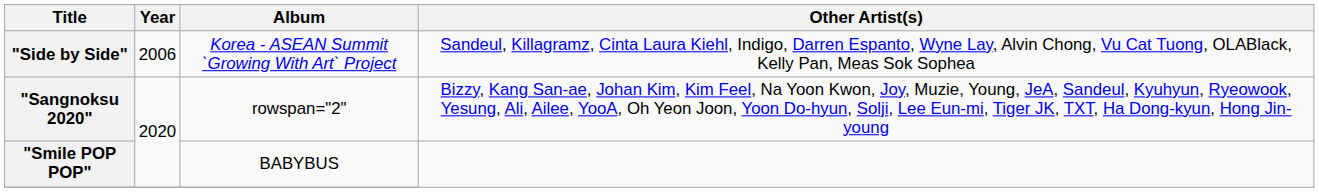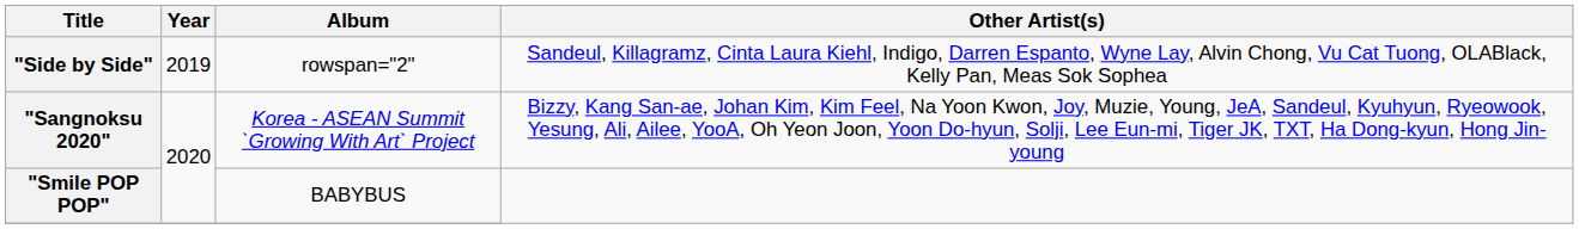 <table class="wikitable plainrowheaders" style="text-align:center;">
 <tr>
 <th scope="col">Title</th>
 <th scope="col">Year</th>
 <th scope="col">Album</th>
 <th scope="col">Other Artist(s)</th>
 </tr>
 <tr>
 <th scope="row">"Side by Side"</th>
-<td>2006</td>
-<td><em><a href='#'>Korea - ASEAN Summit `Growing With Art` Project</a></em></td>
+<td>2019</td>
+<td>rowspan="2" </td>
 <td><a href='#'>Sandeul</a>, <a href='#'>Killagramz</a>, <a href='#'>Cinta Laura Kiehl</a>, Indigo, <a href='#'>Darren Espanto</a>, <a href='#'>Wyne Lay</a>, Alvin Chong, <a href='#'>Vu Cat Tuong</a>, OLABlack, Kelly Pan, Meas Sok Sophea</td>
 </tr>
 <tr>
 <th scope="row">"Sangnoksu 2020" </th>
 <td rowspan="2">2020</td>
-<td>rowspan="2" </td>
+<td><em><a href='#'>Korea - ASEAN Summit `Growing With Art` Project</a></em></td>
 <td><a href='#'>Bizzy</a>, <a href='#'>Kang San-ae</a>, <a href='#'>Johan Kim</a>, <a href='#'>Kim Feel</a>, Na Yoon Kwon, <a href='#'>Joy</a>, Muzie, Young, <a href='#'>JeA</a>, <a href='#'>Sandeul</a>, <a href='#'>Kyuhyun</a>, <a href='#'>Ryeowook</a>, <a href='#'>Yesung</a>, <a href='#'>Ali</a>, <a href='#'>Ailee</a>, <a href='#'>YooA</a>, Oh Yeon Joon, <a href='#'>Yoon Do-hyun</a>, <a href='#'>Solji</a>, <a href='#'>Lee Eun-mi</a>, <a href='#'>Tiger JK</a>, <a href='#'>TXT</a>, <a href='#'>Ha Dong-kyun</a>, <a href='#'>Hong Jin-young</a></td>
 </tr>
 <tr>
 <th scope="row">"Smile POP POP" </th>
 <td>BABYBUS</td>
 </tr>
 <tr>
 </tr>
 </table>
